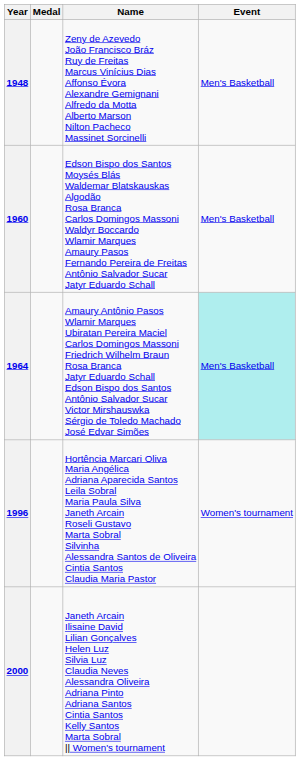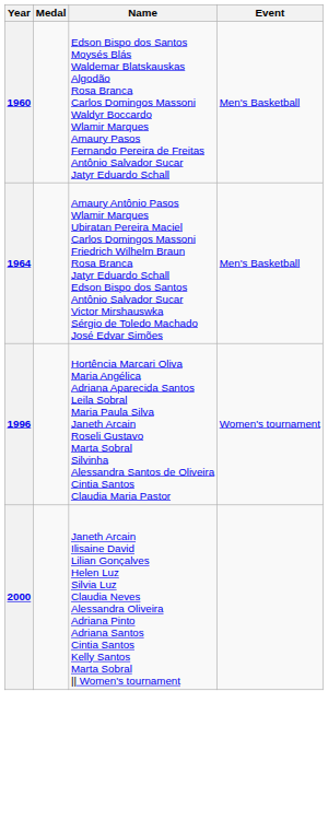 <table class="wikitable sortable">
 <tr>
 <th>Year</th>
 <th>Medal</th>
 <th>Name</th>
 <th>Event</th>
-</tr>
-<tr>
-<th><a href='#'>1948</a></th>
-<td></td>
-<td><br><a href='#'>Zeny de Azevedo</a><br><a href='#'>João Francisco Bráz</a><br><a href='#'>Ruy de Freitas</a><br><a href='#'>Marcus Vinícius Dias</a><br><a href='#'>Affonso Évora</a><br><a href='#'>Alexandre Gemignani</a><br><a href='#'>Alfredo da Motta</a><br><a href='#'>Alberto Marson</a><br><a href='#'>Nilton Pacheco</a><br><a href='#'>Massinet Sorcinelli</a></td>
-<td><a href='#'> Men's Basketball</a></td>
 </tr>
 <tr>
 <th><a href='#'>1960</a></th>
 <td></td>
 <td><br><a href='#'>Edson Bispo dos Santos</a><br><a href='#'>Moysés Blás</a><br><a href='#'>Waldemar Blatskauskas</a><br><a href='#'>Algodão</a><br><a href='#'>Rosa Branca</a><br><a href='#'>Carlos Domingos Massoni</a><br><a href='#'>Waldyr Boccardo</a><br><a href='#'>Wlamir Marques</a><br><a href='#'>Amaury Pasos</a><br><a href='#'>Fernando Pereira de Freitas</a><br><a href='#'>Antônio Salvador Sucar</a><br><a href='#'>Jatyr Eduardo Schall</a></td>
 <td><a href='#'> Men's Basketball</a></td>
 </tr>
 <tr>
 <th><a href='#'>1964</a></th>
 <td></td>
 <td><br><a href='#'>Amaury Antônio Pasos</a><br><a href='#'>Wlamir Marques</a><br><a href='#'>Ubiratan Pereira Maciel</a><br><a href='#'>Carlos Domingos Massoni</a><br><a href='#'>Friedrich Wilhelm Braun</a><br><a href='#'>Rosa Branca</a><br><a href='#'>Jatyr Eduardo Schall</a><br><a href='#'>Edson Bispo dos Santos</a><br><a href='#'>Antônio Salvador Sucar</a><br><a href='#'>Victor Mirshauswka</a><br><a href='#'>Sérgio de Toledo Machado</a><br><a href='#'>José Edvar Simões</a></td>
-<td style="background: paleturquoise;"><a href='#'> Men's Basketball</a></td>
+<td><a href='#'> Men's Basketball</a></td>
 </tr>
 <tr>
 <th><a href='#'>1996</a></th>
 <td></td>
 <td><br><a href='#'>Hortência Marcari Oliva</a><br> <a href='#'>Maria Angélica</a><br> <a href='#'>Adriana Aparecida Santos</a><br> <a href='#'>Leila Sobral</a><br> <a href='#'>Maria Paula Silva</a><br> <a href='#'>Janeth Arcain</a><br> <a href='#'>Roseli Gustavo</a><br> <a href='#'>Marta Sobral</a><br> <a href='#'>Silvinha</a><br> <a href='#'>Alessandra Santos de Oliveira</a><br> <a href='#'>Cintia Santos</a><br> <a href='#'>Claudia Maria Pastor</a><br></td>
 <td><a href='#'> Women's tournament</a></td>
 </tr>
 <tr>
 <th><a href='#'> 2000</a></th>
 <td></td>
 <td><br><br><a href='#'>Janeth Arcain</a><br> <a href='#'>Ilisaine David</a><br> <a href='#'>Lilian Gonçalves</a><br> <a href='#'>Helen Luz</a><br> <a href='#'>Silvia Luz</a><br> <a href='#'>Claudia Neves</a><br> <a href='#'>Alessandra Oliveira</a><br> <a href='#'>Adriana Pinto</a><br> <a href='#'>Adriana Santos</a><br> <a href='#'>Cintia Santos</a><br> <a href='#'>Kelly Santos</a><br> <a href='#'>Marta Sobral</a><br> ||<a href='#'> Women's tournament</a></td>
 </tr>
 </table>
